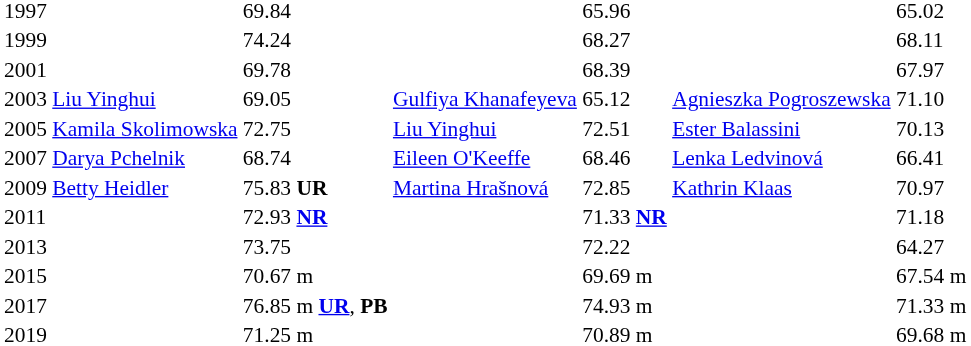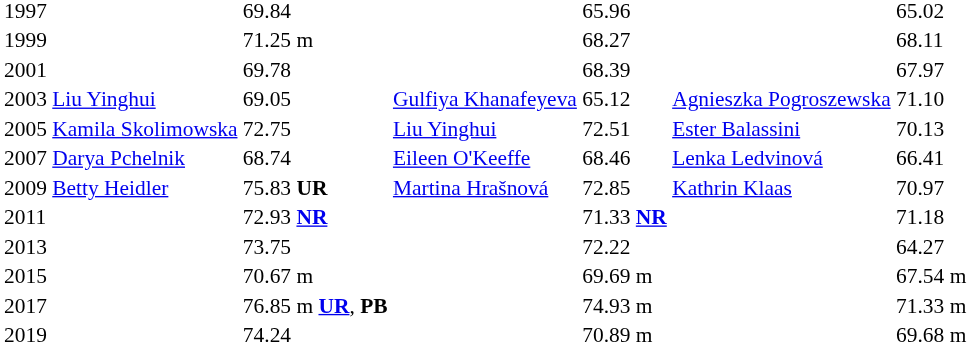 <table>
 <tr>
 <td>1997</td>
 <td></td>
 <td>69.84</td>
 <td></td>
 <td>65.96</td>
 <td></td>
 <td>65.02</td>
 </tr>
 <tr>
 <td>1999</td>
 <td></td>
-<td>74.24</td>
+<td>71.25 m</td>
 <td></td>
 <td>68.27</td>
 <td></td>
 <td>68.11</td>
 </tr>
 <tr>
 <td>2001</td>
 <td></td>
 <td>69.78</td>
 <td></td>
 <td>68.39</td>
 <td></td>
 <td>67.97</td>
 </tr>
 <tr>
 <td>2003</td>
 <td><a href='#'>Liu Yinghui</a><br> </td>
 <td>69.05</td>
 <td><a href='#'>Gulfiya Khanafeyeva</a><br> </td>
 <td>65.12</td>
 <td><a href='#'>Agnieszka Pogroszewska</a><br> </td>
 <td>71.10</td>
 </tr>
 <tr>
 <td>2005</td>
 <td><a href='#'>Kamila Skolimowska</a><br> </td>
 <td>72.75</td>
 <td><a href='#'>Liu Yinghui</a><br> </td>
 <td>72.51</td>
 <td><a href='#'>Ester Balassini</a><br> </td>
 <td>70.13</td>
 </tr>
 <tr>
 <td>2007</td>
 <td><a href='#'>Darya Pchelnik</a><br> </td>
 <td>68.74</td>
 <td><a href='#'>Eileen O'Keeffe</a><br> </td>
 <td>68.46</td>
 <td><a href='#'>Lenka Ledvinová</a><br> </td>
 <td>66.41</td>
 </tr>
 <tr>
 <td>2009</td>
 <td><a href='#'>Betty Heidler</a><br> </td>
 <td>75.83 <strong>UR</strong></td>
 <td><a href='#'>Martina Hrašnová</a><br> </td>
 <td>72.85</td>
 <td><a href='#'>Kathrin Klaas</a><br> </td>
 <td>70.97</td>
 </tr>
 <tr>
 <td>2011</td>
 <td></td>
 <td>72.93 <strong><a href='#'>NR</a></strong></td>
 <td></td>
 <td>71.33 <strong><a href='#'>NR</a></strong></td>
 <td></td>
 <td>71.18</td>
 </tr>
 <tr>
 <td>2013</td>
 <td></td>
 <td>73.75</td>
 <td></td>
 <td>72.22</td>
 <td></td>
 <td>64.27</td>
 </tr>
 <tr>
 <td>2015</td>
 <td></td>
 <td>70.67 m</td>
 <td></td>
 <td>69.69 m</td>
 <td></td>
 <td>67.54 m</td>
 </tr>
 <tr>
 <td>2017</td>
 <td></td>
 <td>76.85 m <strong><a href='#'>UR</a></strong>, <strong>PB</strong></td>
 <td></td>
 <td>74.93 m</td>
 <td></td>
 <td>71.33 m</td>
 </tr>
 <tr>
 <td>2019</td>
 <td></td>
-<td>71.25 m</td>
+<td>74.24</td>
 <td></td>
 <td>70.89 m</td>
 <td></td>
 <td>69.68 m </td>
 </tr>
 </table>
